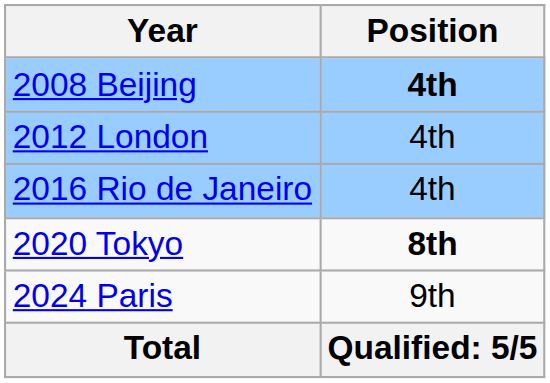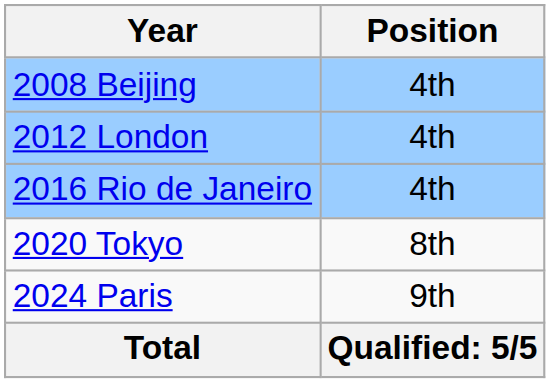 <table class="wikitable" style="text-align: center;">
 <tr>
 <th>Year</th>
 <th>Position</th>
 </tr>
 <tr style="background:#9acdff;">
 <td align=left> <a href='#'>2008 Beijing</a></td>
-<td><strong>4th</strong></td>
+<td>4th</td>
 </tr>
 <tr style="background:#9acdff;">
 <td align=left> <a href='#'>2012 London</a></td>
 <td>4th</td>
 </tr>
 <tr style="background:#9acdff;">
 <td align=left> <a href='#'>2016 Rio de Janeiro</a></td>
 <td>4th</td>
 </tr>
 <tr>
 <td align=left> <a href='#'>2020 Tokyo</a></td>
-<td><strong>8th</strong></td>
+<td>8th</td>
 </tr>
 <tr>
 <td align=left> <a href='#'>2024 Paris</a></td>
 <td>9th</td>
 </tr>
 <tr>
 <th>Total</th>
 <th>Qualified: 5/5</th>
 </tr>
 </table>
